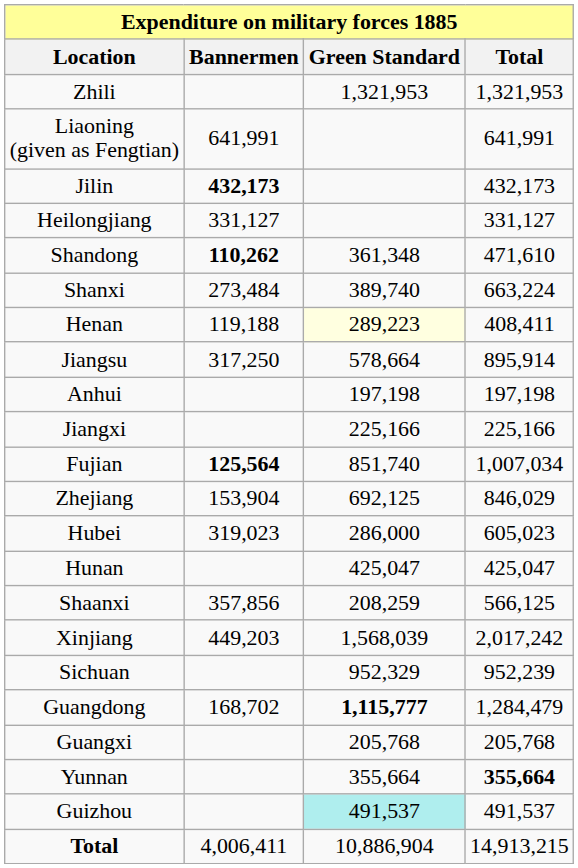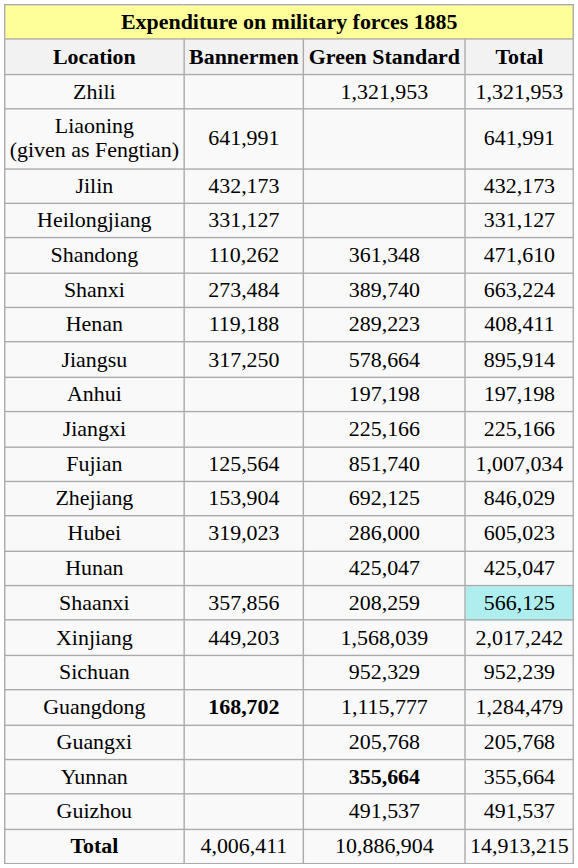 <table class="wikitable mw-collapsible" style="text-align:center">
 <tr>
 <th colspan="5" style="background: #ffff99;">Expenditure on military forces 1885</th>
 </tr>
 <tr>
 <th rowspan="1">Location</th>
 <th rowspan="1">Bannermen</th>
 <th rowspan="1">Green Standard</th>
 <th rowspan="1">Total</th>
 </tr>
 <tr>
 <td>Zhili</td>
 <td></td>
 <td>1,321,953</td>
 <td>1,321,953</td>
 </tr>
 <tr>
 <td>Liaoning<br>(given as Fengtian)</td>
 <td>641,991</td>
 <td></td>
 <td>641,991</td>
 </tr>
 <tr>
 <td>Jilin</td>
-<td><strong>432,173</strong></td>
+<td>432,173</td>
 <td></td>
 <td>432,173</td>
 </tr>
 <tr>
 <td>Heilongjiang</td>
 <td>331,127</td>
 <td></td>
 <td>331,127</td>
 </tr>
 <tr>
 <td>Shandong</td>
-<td><strong>110,262</strong></td>
+<td>110,262</td>
 <td>361,348</td>
 <td>471,610</td>
 </tr>
 <tr>
 <td>Shanxi</td>
 <td>273,484</td>
 <td>389,740</td>
 <td>663,224</td>
 </tr>
 <tr>
 <td>Henan</td>
 <td>119,188</td>
-<td style="background: lightyellow;">289,223</td>
+<td>289,223</td>
 <td>408,411</td>
 </tr>
 <tr>
 <td>Jiangsu</td>
 <td>317,250</td>
 <td>578,664</td>
 <td>895,914</td>
 </tr>
 <tr>
 <td>Anhui</td>
 <td></td>
 <td>197,198</td>
 <td>197,198</td>
 </tr>
 <tr>
 <td>Jiangxi</td>
 <td></td>
 <td>225,166</td>
 <td>225,166</td>
 </tr>
 <tr>
 <td>Fujian</td>
-<td><strong>125,564</strong></td>
+<td>125,564</td>
 <td>851,740</td>
 <td>1,007,034</td>
 </tr>
 <tr>
 <td>Zhejiang</td>
 <td>153,904</td>
 <td>692,125</td>
 <td>846,029</td>
 </tr>
 <tr>
 <td>Hubei</td>
 <td>319,023</td>
 <td>286,000</td>
 <td>605,023</td>
 </tr>
 <tr>
 <td>Hunan</td>
 <td></td>
 <td>425,047</td>
 <td>425,047</td>
 </tr>
 <tr>
 <td>Shaanxi</td>
 <td>357,856</td>
 <td>208,259</td>
-<td>566,125</td>
+<td style="background: paleturquoise;">566,125</td>
 </tr>
 <tr>
 <td>Xinjiang</td>
 <td>449,203</td>
 <td>1,568,039</td>
 <td>2,017,242</td>
 </tr>
 <tr>
 <td>Sichuan</td>
 <td></td>
 <td>952,329</td>
 <td>952,239</td>
 </tr>
 <tr>
 <td>Guangdong</td>
-<td>168,702</td>
-<td><strong>1,115,777</strong></td>
+<td><strong>168,702</strong></td>
+<td>1,115,777</td>
 <td>1,284,479</td>
 </tr>
 <tr>
 <td>Guangxi</td>
 <td></td>
 <td>205,768</td>
 <td>205,768</td>
 </tr>
 <tr>
 <td>Yunnan</td>
 <td></td>
+<td><strong>355,664</strong></td>
 <td>355,664</td>
-<td><strong>355,664</strong></td>
 </tr>
 <tr>
 <td>Guizhou</td>
 <td></td>
-<td style="background: paleturquoise;">491,537</td>
+<td>491,537</td>
 <td>491,537</td>
 </tr>
 <tr>
 <td><strong>Total</strong></td>
 <td>4,006,411</td>
 <td>10,886,904</td>
 <td>14,913,215</td>
 </tr>
 </table>
